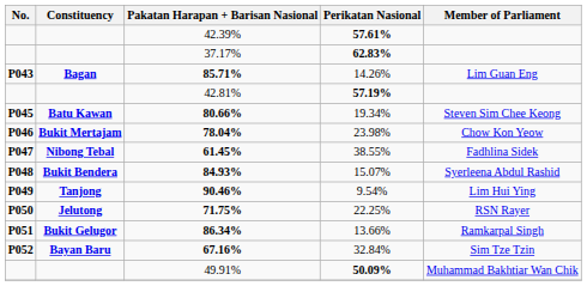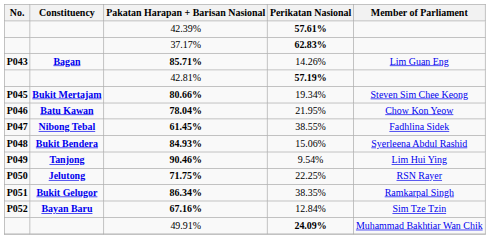 <table class="wikitable sortable" style="text-align:center; font-size:90%">
 <tr>
 <th>No.</th>
 <th>Constituency</th>
 <th>Pakatan Harapan + Barisan Nasional</th>
 <th>Perikatan Nasional</th>
 <th>Member of Parliament</th>
 </tr>
 <tr align="center">
 <td><strong></strong></td>
 <td><strong></strong></td>
 <td>42.39%</td>
 <td><strong>57.61%</strong></td>
 <td></td>
 </tr>
 <tr align="center">
 <td><strong></strong></td>
 <td><strong></strong></td>
 <td>37.17%</td>
 <td><strong>62.83%</strong></td>
 <td></td>
 </tr>
 <tr align="center">
 <td><strong>P043</strong></td>
 <td><strong><a href='#'>Bagan</a></strong></td>
 <td><strong>85.71%</strong></td>
 <td>14.26%</td>
 <td><a href='#'>Lim Guan Eng</a></td>
 </tr>
 <tr align="center">
 <td><strong></strong></td>
 <td><strong></strong></td>
 <td>42.81%</td>
 <td><strong>57.19%</strong></td>
 <td><strong></strong></td>
 </tr>
 <tr align="center">
 <td><strong>P045</strong></td>
-<td><strong><a href='#'>Batu Kawan</a></strong></td>
+<td><strong><a href='#'>Bukit Mertajam</a></strong></td>
 <td><strong>80.66%</strong></td>
 <td>19.34%</td>
 <td><a href='#'>Steven Sim Chee Keong</a></td>
 </tr>
 <tr align="center">
 <td><strong>P046</strong></td>
-<td><strong><a href='#'>Bukit Mertajam</a></strong></td>
+<td><strong><a href='#'>Batu Kawan</a></strong></td>
 <td><strong>78.04%</strong></td>
-<td>23.98%</td>
+<td>21.95%</td>
 <td><a href='#'>Chow Kon Yeow</a></td>
 </tr>
 <tr align="center">
 <td><strong>P047</strong></td>
 <td><strong><a href='#'>Nibong Tebal</a></strong></td>
 <td><strong>61.45%</strong></td>
 <td>38.55%</td>
 <td><a href='#'>Fadhlina Sidek</a></td>
 </tr>
 <tr align="center">
 <td><strong>P048</strong></td>
 <td><strong><a href='#'>Bukit Bendera</a></strong></td>
 <td><strong>84.93%</strong></td>
-<td>15.07%</td>
+<td>15.06%</td>
 <td><a href='#'>Syerleena Abdul Rashid</a></td>
 </tr>
 <tr align="center">
 <td><strong>P049</strong></td>
 <td><strong><a href='#'>Tanjong</a></strong></td>
 <td><strong>90.46%</strong></td>
 <td>9.54%</td>
 <td><a href='#'>Lim Hui Ying</a></td>
 </tr>
 <tr align="center">
 <td><strong>P050</strong></td>
 <td><strong><a href='#'>Jelutong</a></strong></td>
 <td><strong>71.75%</strong></td>
 <td>22.25%</td>
 <td><a href='#'>RSN Rayer</a></td>
 </tr>
 <tr align="center">
 <td><strong>P051</strong></td>
 <td><strong><a href='#'>Bukit Gelugor</a></strong></td>
 <td><strong>86.34%</strong></td>
-<td>13.66%</td>
+<td>38.35%</td>
 <td><a href='#'>Ramkarpal Singh</a></td>
 </tr>
 <tr align="center">
 <td><strong>P052</strong></td>
 <td><strong><a href='#'>Bayan Baru</a></strong></td>
 <td><strong>67.16%</strong></td>
-<td>32.84%</td>
+<td>12.84%</td>
 <td><a href='#'>Sim Tze Tzin</a></td>
 </tr>
 <tr align="center">
 <td><strong></strong></td>
 <td><strong></strong></td>
 <td>49.91%</td>
-<td><strong>50.09%</strong></td>
+<td><strong>24.09%</strong></td>
 <td><a href='#'>Muhammad Bakhtiar Wan Chik</a></td>
 </tr>
 <tr>
 </tr>
 </table>
